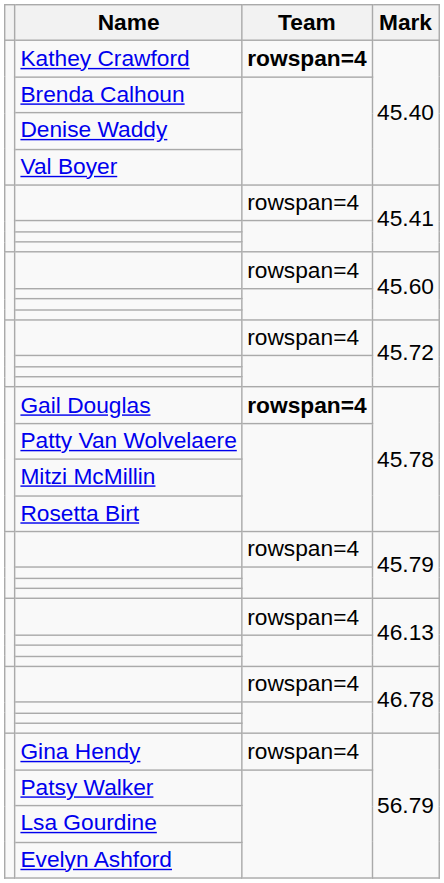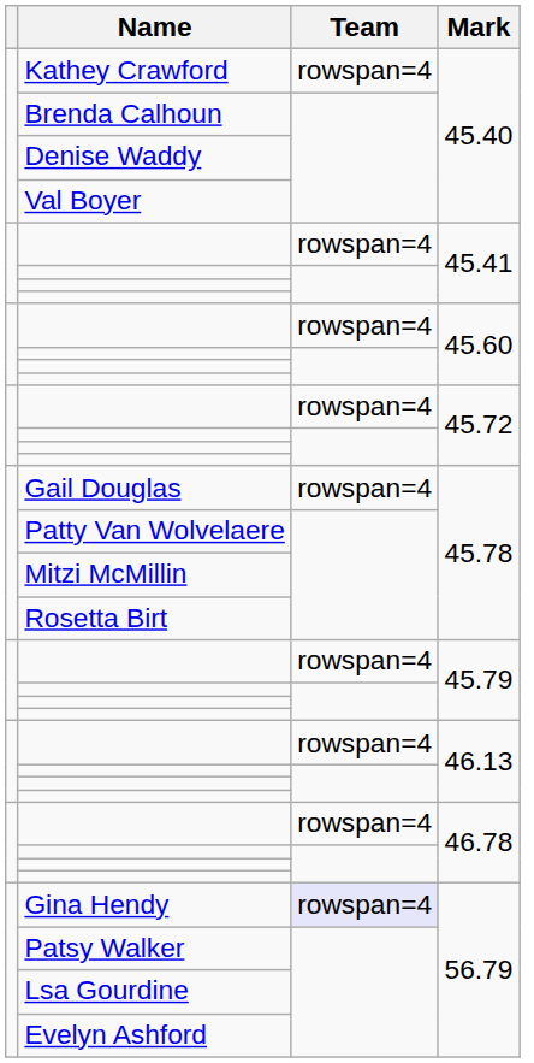 <table class=wikitable>
 <tr>
 <th></th>
 <th>Name</th>
 <th>Team</th>
 <th>Mark</th>
 </tr>
 <tr>
 <td rowspan=4></td>
 <td><a href='#'>Kathey Crawford</a></td>
-<td><strong>rowspan=4 </strong></td>
+<td>rowspan=4 </td>
 <td rowspan=4>45.40</td>
 </tr>
 <tr>
 <td><a href='#'>Brenda Calhoun</a></td>
 </tr>
 <tr>
 <td><a href='#'>Denise Waddy</a></td>
 </tr>
 <tr>
 <td><a href='#'>Val Boyer</a></td>
 </tr>
 <tr>
 <td rowspan=4></td>
 <td></td>
 <td>rowspan=4 </td>
 <td rowspan=4>45.41</td>
 </tr>
 <tr>
 <td></td>
 </tr>
 <tr>
 <td></td>
 </tr>
 <tr>
 <td></td>
 </tr>
 <tr>
 <td rowspan=4></td>
 <td></td>
 <td>rowspan=4 </td>
 <td rowspan=4>45.60</td>
 </tr>
 <tr>
 <td></td>
 </tr>
 <tr>
 <td></td>
 </tr>
 <tr>
 <td></td>
 </tr>
 <tr>
 <td rowspan=4></td>
 <td></td>
 <td>rowspan=4 </td>
 <td rowspan=4>45.72</td>
 </tr>
 <tr>
 <td></td>
 </tr>
 <tr>
 <td></td>
 </tr>
 <tr>
 <td></td>
 </tr>
 <tr>
 <td rowspan=4></td>
 <td><a href='#'>Gail Douglas</a></td>
-<td><strong>rowspan=4 </strong></td>
+<td>rowspan=4 </td>
 <td rowspan=4>45.78</td>
 </tr>
 <tr>
 <td><a href='#'>Patty Van Wolvelaere</a></td>
 </tr>
 <tr>
 <td><a href='#'>Mitzi McMillin</a></td>
 </tr>
 <tr>
 <td><a href='#'>Rosetta Birt</a></td>
 </tr>
 <tr>
 <td rowspan=4></td>
 <td></td>
 <td>rowspan=4 </td>
 <td rowspan=4>45.79</td>
 </tr>
 <tr>
 <td></td>
 </tr>
 <tr>
 <td></td>
 </tr>
 <tr>
 <td></td>
 </tr>
 <tr>
 <td rowspan=4></td>
 <td></td>
 <td>rowspan=4 </td>
 <td rowspan=4>46.13</td>
 </tr>
 <tr>
 <td></td>
 </tr>
 <tr>
 <td></td>
 </tr>
 <tr>
 <td></td>
 </tr>
 <tr>
 <td rowspan=4></td>
 <td></td>
 <td>rowspan=4 </td>
 <td rowspan=4>46.78</td>
 </tr>
 <tr>
 <td></td>
 </tr>
 <tr>
 <td></td>
 </tr>
 <tr>
 <td></td>
 </tr>
 <tr>
 <td rowspan=4></td>
 <td><a href='#'>Gina Hendy</a></td>
-<td>rowspan=4 </td>
+<td style="background: lavender;">rowspan=4 </td>
 <td rowspan=4>56.79</td>
 </tr>
 <tr>
 <td><a href='#'>Patsy Walker</a></td>
 </tr>
 <tr>
 <td><a href='#'>Lsa Gourdine</a></td>
 </tr>
 <tr>
 <td><a href='#'>Evelyn Ashford</a></td>
 </tr>
 </table>
